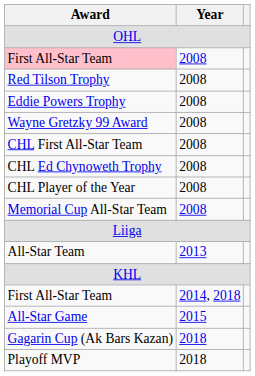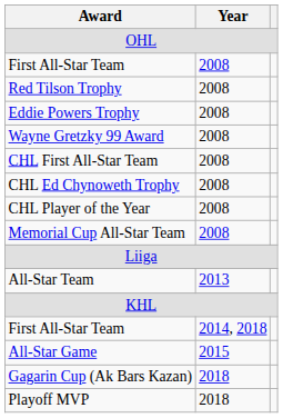 <table class="wikitable">
 <tr>
 <th>Award</th>
 <th>Year</th>
 <th></th>
 </tr>
 <tr ALIGN="center" bgcolor="#e0e0e0">
 <td colspan="3"><a href='#'>OHL</a></td>
 </tr>
 <tr>
-<td style="background: pink;">First All-Star Team</td>
+<td>First All-Star Team</td>
 <td><a href='#'>2008</a></td>
 <td></td>
 </tr>
 <tr>
 <td><a href='#'>Red Tilson Trophy</a></td>
 <td>2008</td>
 <td></td>
 </tr>
 <tr>
 <td><a href='#'>Eddie Powers Trophy</a></td>
 <td>2008</td>
 <td></td>
 </tr>
 <tr>
 <td><a href='#'>Wayne Gretzky 99 Award</a></td>
 <td>2008</td>
 <td></td>
 </tr>
 <tr>
 <td><a href='#'>CHL</a> First All-Star Team</td>
 <td>2008</td>
 <td></td>
 </tr>
 <tr>
 <td>CHL <a href='#'>Ed Chynoweth Trophy</a></td>
 <td>2008</td>
 <td></td>
 </tr>
 <tr>
 <td>CHL Player of the Year</td>
 <td>2008</td>
 <td></td>
 </tr>
 <tr>
 <td><a href='#'>Memorial Cup</a> All-Star Team</td>
 <td><a href='#'>2008</a></td>
 <td></td>
 </tr>
 <tr ALIGN="center" bgcolor="#e0e0e0">
 <td colspan="3"><a href='#'>Liiga</a></td>
 </tr>
 <tr>
 <td>All-Star Team</td>
 <td><a href='#'>2013</a></td>
 <td></td>
 </tr>
 <tr ALIGN="center" bgcolor="#e0e0e0">
 <td colspan="3"><a href='#'>KHL</a></td>
 </tr>
 <tr>
 <td>First All-Star Team</td>
 <td><a href='#'>2014</a>, <a href='#'>2018</a></td>
 <td></td>
 </tr>
 <tr>
 <td><a href='#'>All-Star Game</a></td>
 <td><a href='#'>2015</a></td>
 <td></td>
 </tr>
 <tr>
 <td><a href='#'>Gagarin Cup</a> (Ak Bars Kazan)</td>
 <td><a href='#'>2018</a></td>
 <td></td>
 </tr>
 <tr>
 <td>Playoff MVP</td>
 <td>2018</td>
 <td></td>
 </tr>
 </table>
